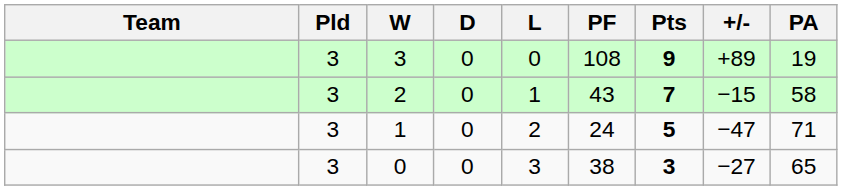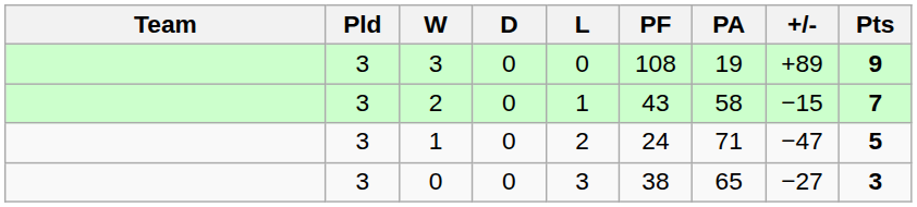 <table class="wikitable" style="text-align: center;">
 <tr>
 <th width="200">Team</th>
 <th width="40">Pld</th>
 <th width="40">W</th>
 <th width="40">D</th>
 <th width="40">L</th>
 <th width="40">PF</th>
+<th width="40">PA</th>
+<th width="40">+/-</th>
 <th width="40">Pts</th>
-<th width="40">+/-</th>
-<th width="40">PA</th>
 </tr>
 <tr style="background-color:#ccffcc">
 <td style="text-align:left;"></td>
 <td>3</td>
 <td>3</td>
 <td>0</td>
 <td>0</td>
 <td>108</td>
+<td>19</td>
+<td>+89</td>
 <td><strong>9</strong></td>
-<td>+89</td>
-<td>19</td>
 </tr>
 <tr style="background-color:#ccffcc">
 <td style="text-align:left;"></td>
 <td>3</td>
 <td>2</td>
 <td>0</td>
 <td>1</td>
 <td>43</td>
+<td>58</td>
+<td>−15</td>
 <td><strong>7</strong></td>
-<td>−15</td>
-<td>58</td>
 </tr>
 <tr>
 <td style="text-align:left;"></td>
 <td>3</td>
 <td>1</td>
 <td>0</td>
 <td>2</td>
 <td>24</td>
+<td>71</td>
+<td>−47</td>
 <td><strong>5</strong></td>
-<td>−47</td>
-<td>71</td>
 </tr>
 <tr>
 <td style="text-align:left;"></td>
 <td>3</td>
 <td>0</td>
 <td>0</td>
 <td>3</td>
 <td>38</td>
+<td>65</td>
+<td>−27</td>
 <td><strong>3</strong></td>
-<td>−27</td>
-<td>65</td>
 </tr>
 </table>
